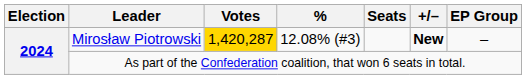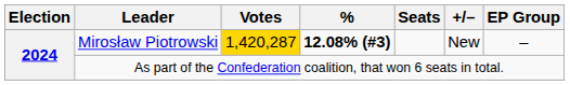 <table class="wikitable" style="text-align:center;">
 <tr>
 <th>Election</th>
 <th>Leader</th>
 <th>Votes</th>
 <th>%</th>
 <th>Seats</th>
 <th>+/–</th>
 <th>EP Group</th>
 </tr>
 <tr>
 <th rowspan=2><a href='#'>2024</a></th>
 <td><a href='#'>Mirosław Piotrowski</a></td>
 <td style="background: gold;">1,420,287</td>
-<td>12.08% (#3)</td>
+<td><strong>12.08% (#3)</strong></td>
 <td></td>
-<td><strong>New</strong></td>
+<td>New</td>
 <td>–</td>
 </tr>
 <tr>
 <td colspan="6"><small>As part of the <a href='#'>Confederation</a> coalition, that won 6 seats in total.</small></td>
 </tr>
 </table>
